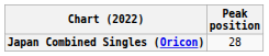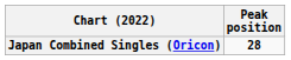 <table class="wikitable sortable plainrowheaders" style="text-align:center">
 <tr>
 <th scope="col">Chart (2022)</th>
 <th scope="col">Peak<br>position</th>
 </tr>
 <tr>
 <th scope="row">Japan Combined Singles (<a href='#'>Oricon</a>)</th>
-<td>28</td>
+<td><strong>28</strong></td>
 </tr>
 </table>
